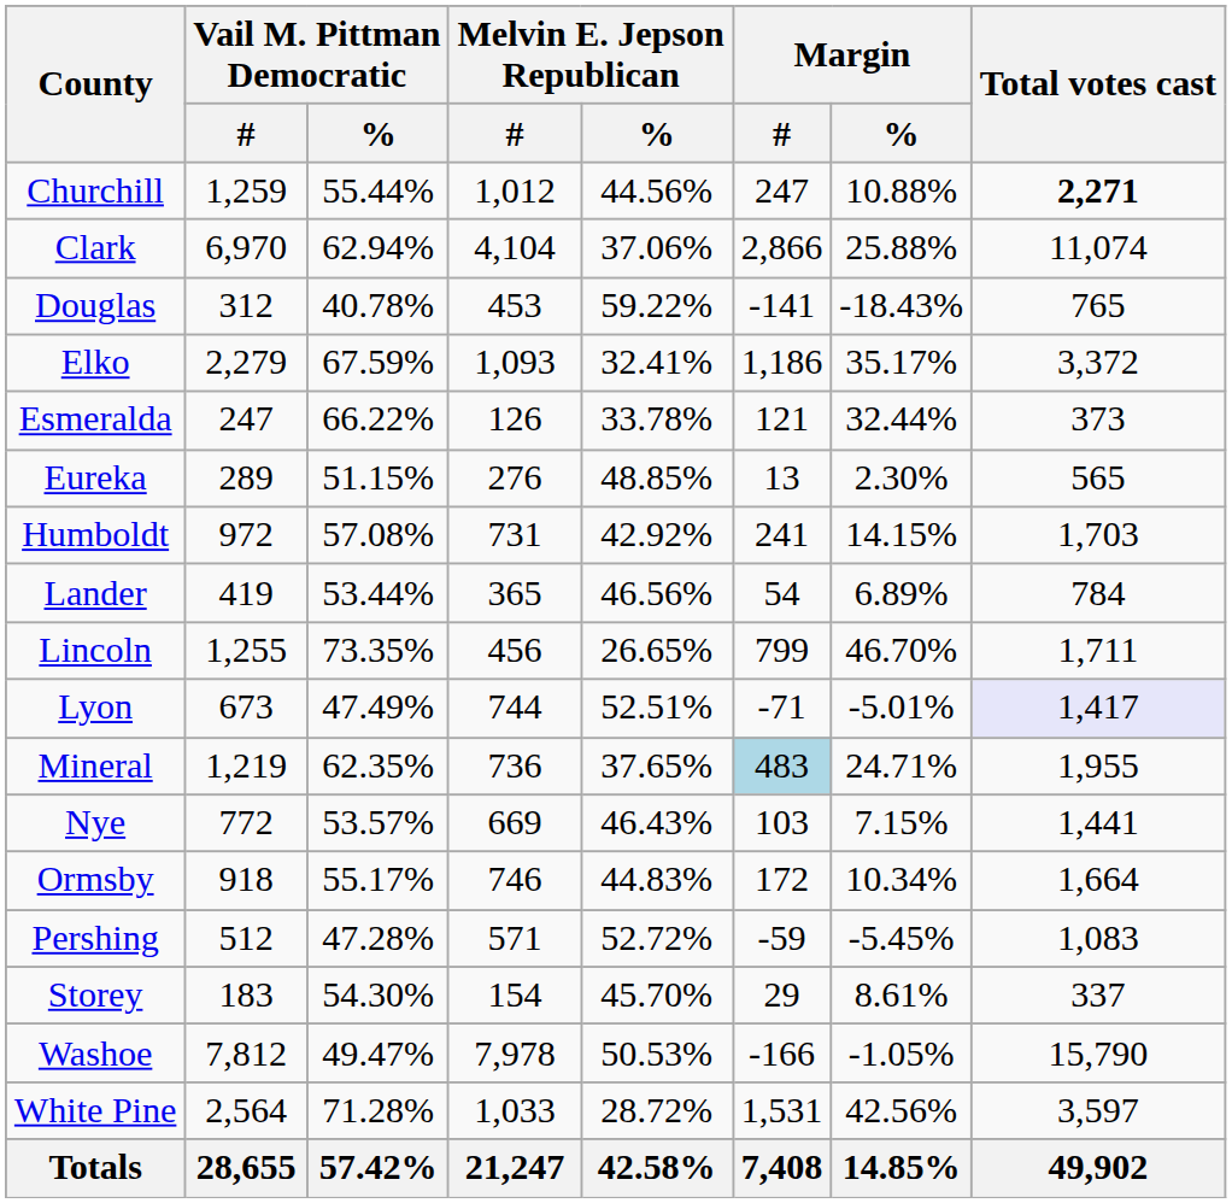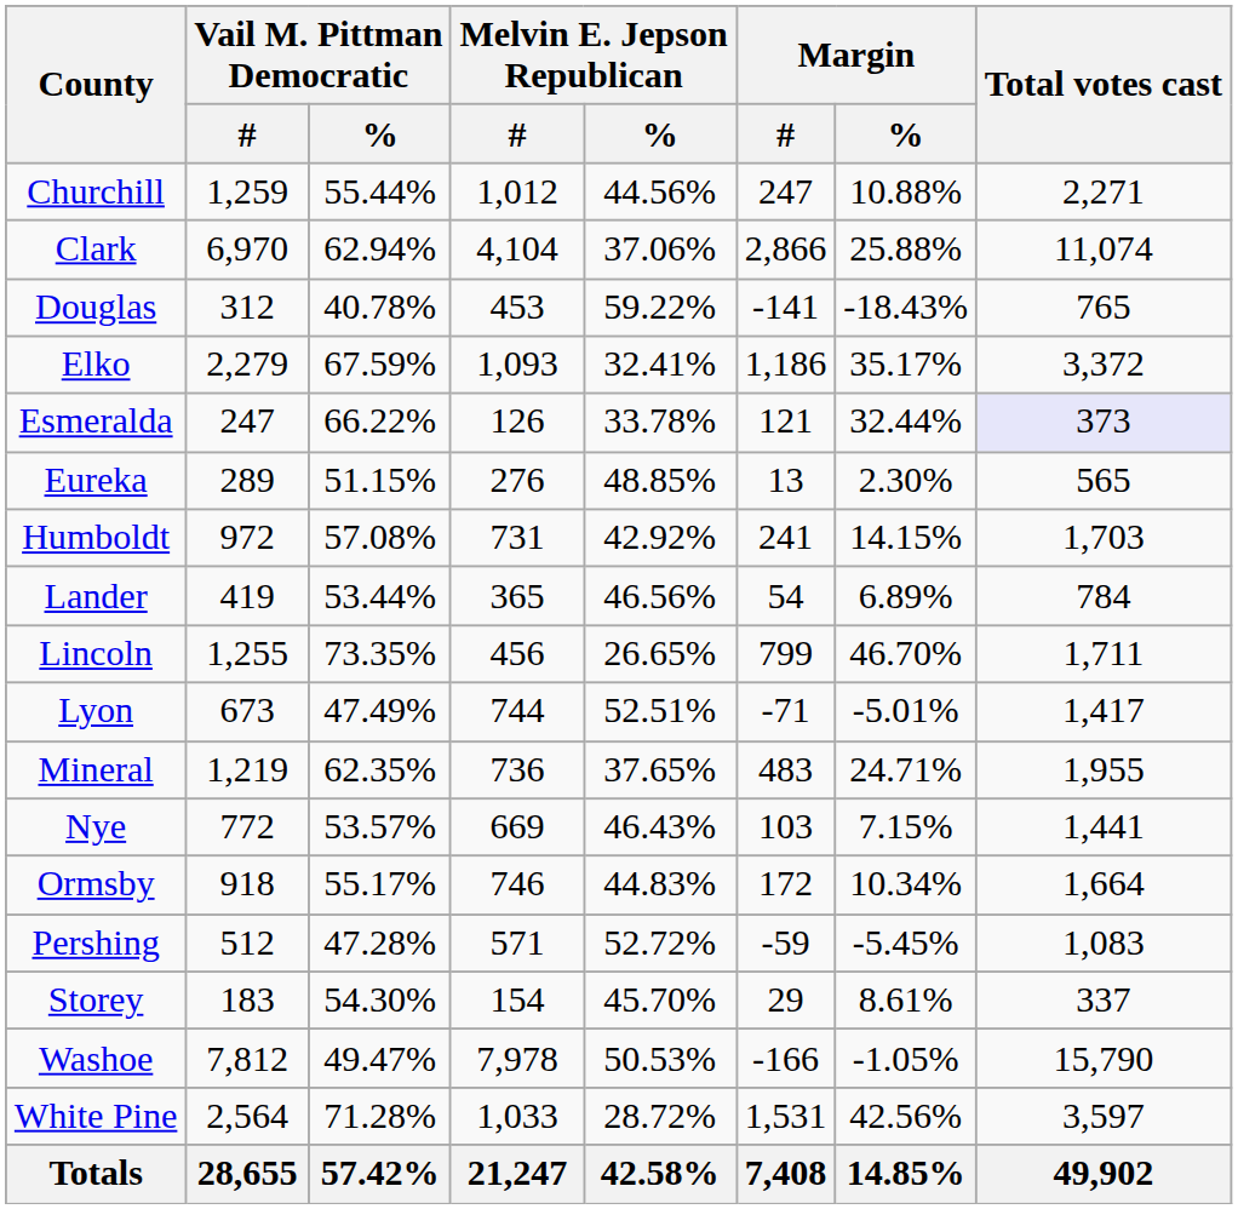 <table class="wikitable sortable" style="text-align:center">
 <tr>
 <th rowspan="2">County</th>
 <th style="text-align:center;" colspan="2">Vail M. Pittman<br>Democratic</th>
 <th style="text-align:center;" colspan="2">Melvin E. Jepson<br>Republican</th>
 <th style="text-align:center;" colspan="2">Margin</th>
 <th style="text-align:center;" rowspan="2">Total votes cast</th>
 </tr>
 <tr>
 <th style="text-align:center;" data-sort-type="number">#</th>
 <th style="text-align:center;" data-sort-type="number">%</th>
 <th style="text-align:center;" data-sort-type="number">#</th>
 <th style="text-align:center;" data-sort-type="number">%</th>
 <th style="text-align:center;" data-sort-type="number">#</th>
 <th style="text-align:center;" data-sort-type="number">%</th>
 </tr>
 <tr style="text-align:center;">
 <td><a href='#'>Churchill</a></td>
 <td>1,259</td>
 <td>55.44%</td>
 <td>1,012</td>
 <td>44.56%</td>
 <td>247</td>
 <td>10.88%</td>
-<td><strong>2,271</strong></td>
+<td>2,271</td>
 </tr>
 <tr style="text-align:center;">
 <td><a href='#'>Clark</a></td>
 <td>6,970</td>
 <td>62.94%</td>
 <td>4,104</td>
 <td>37.06%</td>
 <td>2,866</td>
 <td>25.88%</td>
 <td>11,074</td>
 </tr>
 <tr style="text-align:center;">
 <td><a href='#'>Douglas</a></td>
 <td>312</td>
 <td>40.78%</td>
 <td>453</td>
 <td>59.22%</td>
 <td>-141</td>
 <td>-18.43%</td>
 <td>765</td>
 </tr>
 <tr style="text-align:center;">
 <td><a href='#'>Elko</a></td>
 <td>2,279</td>
 <td>67.59%</td>
 <td>1,093</td>
 <td>32.41%</td>
 <td>1,186</td>
 <td>35.17%</td>
 <td>3,372</td>
 </tr>
 <tr style="text-align:center;">
 <td><a href='#'>Esmeralda</a></td>
 <td>247</td>
 <td>66.22%</td>
 <td>126</td>
 <td>33.78%</td>
 <td>121</td>
 <td>32.44%</td>
-<td>373</td>
+<td style="background: lavender;">373</td>
 </tr>
 <tr style="text-align:center;">
 <td><a href='#'>Eureka</a></td>
 <td>289</td>
 <td>51.15%</td>
 <td>276</td>
 <td>48.85%</td>
 <td>13</td>
 <td>2.30%</td>
 <td>565</td>
 </tr>
 <tr style="text-align:center;">
 <td><a href='#'>Humboldt</a></td>
 <td>972</td>
 <td>57.08%</td>
 <td>731</td>
 <td>42.92%</td>
 <td>241</td>
 <td>14.15%</td>
 <td>1,703</td>
 </tr>
 <tr style="text-align:center;">
 <td><a href='#'>Lander</a></td>
 <td>419</td>
 <td>53.44%</td>
 <td>365</td>
 <td>46.56%</td>
 <td>54</td>
 <td>6.89%</td>
 <td>784</td>
 </tr>
 <tr style="text-align:center;">
 <td><a href='#'>Lincoln</a></td>
 <td>1,255</td>
 <td>73.35%</td>
 <td>456</td>
 <td>26.65%</td>
 <td>799</td>
 <td>46.70%</td>
 <td>1,711</td>
 </tr>
 <tr style="text-align:center;">
 <td><a href='#'>Lyon</a></td>
 <td>673</td>
 <td>47.49%</td>
 <td>744</td>
 <td>52.51%</td>
 <td>-71</td>
 <td>-5.01%</td>
-<td style="background: lavender;">1,417</td>
+<td>1,417</td>
 </tr>
 <tr style="text-align:center;">
 <td><a href='#'>Mineral</a></td>
 <td>1,219</td>
 <td>62.35%</td>
 <td>736</td>
 <td>37.65%</td>
-<td style="background: lightblue;">483</td>
+<td>483</td>
 <td>24.71%</td>
 <td>1,955</td>
 </tr>
 <tr style="text-align:center;">
 <td><a href='#'>Nye</a></td>
 <td>772</td>
 <td>53.57%</td>
 <td>669</td>
 <td>46.43%</td>
 <td>103</td>
 <td>7.15%</td>
 <td>1,441</td>
 </tr>
 <tr style="text-align:center;">
 <td><a href='#'>Ormsby</a></td>
 <td>918</td>
 <td>55.17%</td>
 <td>746</td>
 <td>44.83%</td>
 <td>172</td>
 <td>10.34%</td>
 <td>1,664</td>
 </tr>
 <tr style="text-align:center;">
 <td><a href='#'>Pershing</a></td>
 <td>512</td>
 <td>47.28%</td>
 <td>571</td>
 <td>52.72%</td>
 <td>-59</td>
 <td>-5.45%</td>
 <td>1,083</td>
 </tr>
 <tr style="text-align:center;">
 <td><a href='#'>Storey</a></td>
 <td>183</td>
 <td>54.30%</td>
 <td>154</td>
 <td>45.70%</td>
 <td>29</td>
 <td>8.61%</td>
 <td>337</td>
 </tr>
 <tr style="text-align:center;">
 <td><a href='#'>Washoe</a></td>
 <td>7,812</td>
 <td>49.47%</td>
 <td>7,978</td>
 <td>50.53%</td>
 <td>-166</td>
 <td>-1.05%</td>
 <td>15,790</td>
 </tr>
 <tr style="text-align:center;">
 <td><a href='#'>White Pine</a></td>
 <td>2,564</td>
 <td>71.28%</td>
 <td>1,033</td>
 <td>28.72%</td>
 <td>1,531</td>
 <td>42.56%</td>
 <td>3,597</td>
 </tr>
 <tr style="text-align:center;">
 <th>Totals</th>
 <th>28,655</th>
 <th>57.42%</th>
 <th>21,247</th>
 <th>42.58%</th>
 <th>7,408</th>
 <th>14.85%</th>
 <th>49,902</th>
 </tr>
 </table>
